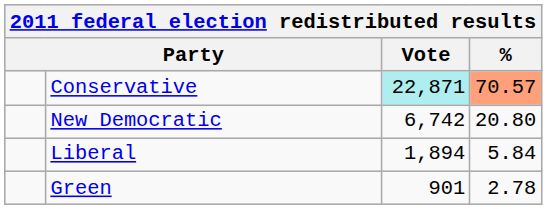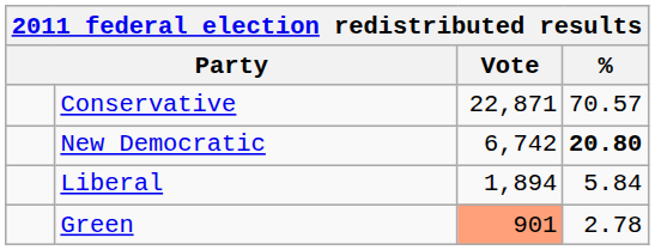 <table class="wikitable">
 <tr>
 <th colspan="4"><a href='#'>2011 federal election</a> redistributed results</th>
 </tr>
 <tr>
 <th bgcolor="#DDDDFF" width="130px" colspan="2">Party</th>
 <th bgcolor="#DDDDFF" width="50px">Vote</th>
 <th bgcolor="#DDDDFF" width="30px">%</th>
 </tr>
 <tr>
 <td> </td>
 <td><a href='#'>Conservative</a></td>
-<td align=right style="background: paleturquoise;">22,871</td>
-<td align=right style="background: lightsalmon;">70.57</td>
+<td align=right>22,871</td>
+<td align=right>70.57</td>
 </tr>
 <tr>
 <td> </td>
 <td><a href='#'>New Democratic</a></td>
 <td align=right>6,742</td>
-<td align=right>20.80</td>
+<td align=right><strong>20.80</strong></td>
 </tr>
 <tr>
 <td> </td>
 <td><a href='#'>Liberal</a></td>
 <td align=right>1,894</td>
 <td align=right>5.84</td>
 </tr>
 <tr>
 <td> </td>
 <td><a href='#'>Green</a></td>
-<td align=right>901</td>
+<td align=right style="background: lightsalmon;">901</td>
 <td align=right>2.78</td>
 </tr>
 </table>
